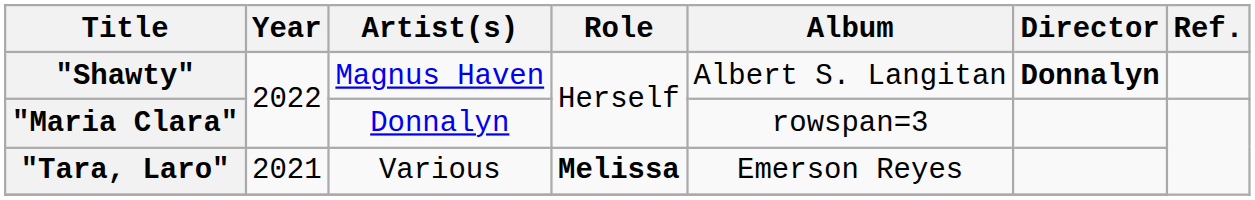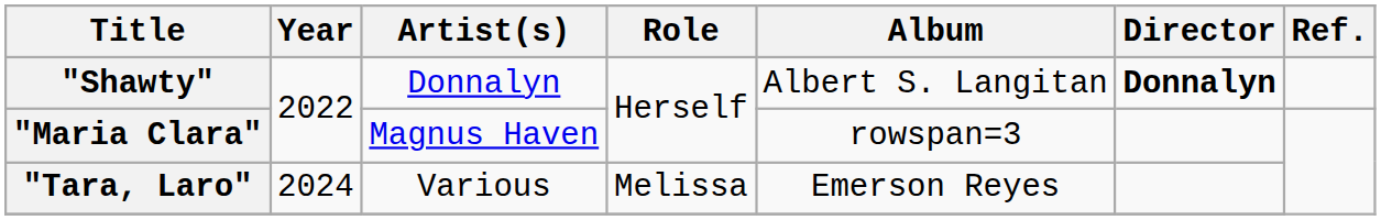 <table class="wikitable plainrowheaders" style="text-align:center;">
 <tr>
 <th scope="col" rowspan="1">Title</th>
 <th scope="col" rowspan="1" style="width:1em;">Year</th>
 <th scope="col" rowspan="1">Artist(s)</th>
 <th scope="col" rowspan="1">Role</th>
 <th scope="col" rowspan="1">Album</th>
 <th scope="col" rowspan="1">Director</th>
 <th scope="col" rowspan="1">Ref.</th>
 </tr>
 <tr>
 <th scope="row">"Shawty"</th>
 <td rowspan=2>2022</td>
-<td rowspan=1><a href='#'>Magnus Haven</a></td>
+<td rowspan=1><a href='#'>Donnalyn</a></td>
 <td rowspan=2>Herself</td>
 <td rowspan=1>Albert S. Langitan</td>
 <td rowspan=1><strong>Donnalyn</strong></td>
 <td rowspan=1></td>
 </tr>
 <tr>
 <th scope="row">"Maria Clara"</th>
-<td rowspan=1><a href='#'>Donnalyn</a></td>
+<td rowspan=1><a href='#'>Magnus Haven</a></td>
 <td>rowspan=3 </td>
 <td rowspan=1></td>
 </tr>
 <tr>
 <th scope="row">"Tara, Laro"</th>
-<td rowspan=1>2021</td>
+<td rowspan=1>2024</td>
 <td rowspan=1>Various</td>
-<td rowspan=1><strong>Melissa</strong></td>
+<td rowspan=1>Melissa</td>
 <td rowspan=1>Emerson Reyes</td>
 <td rowspan=1></td>
 </tr>
 <tr>
 </tr>
 </table>
